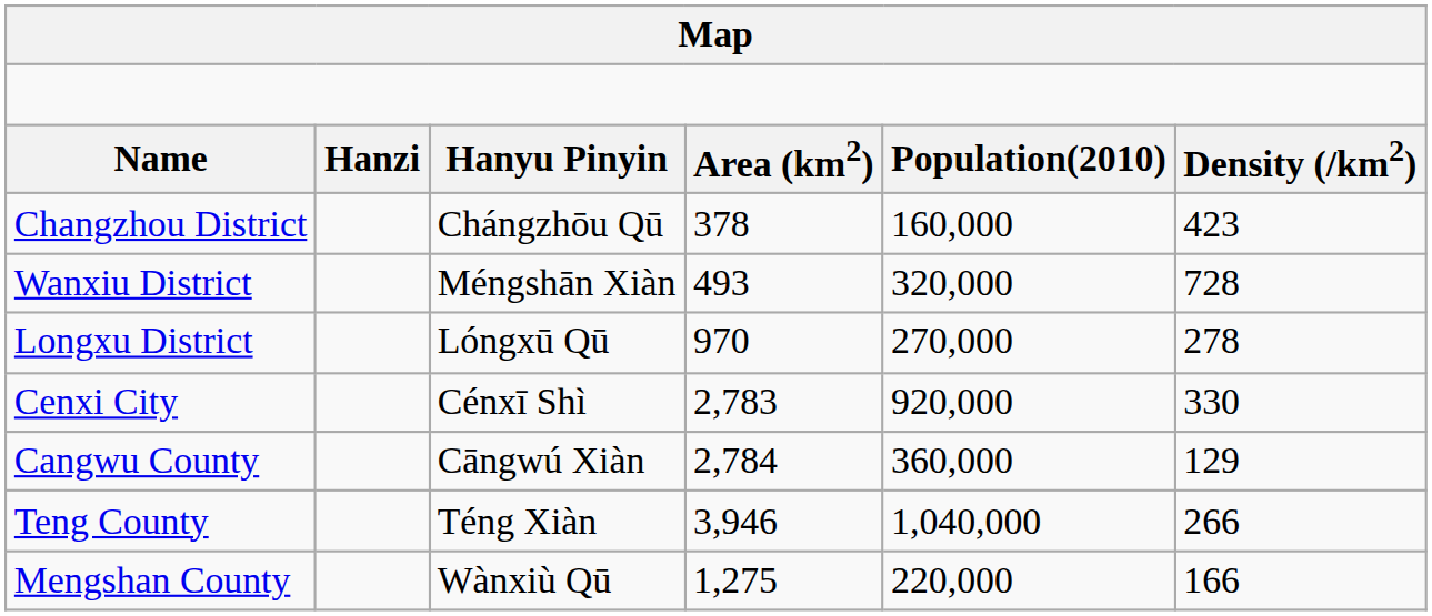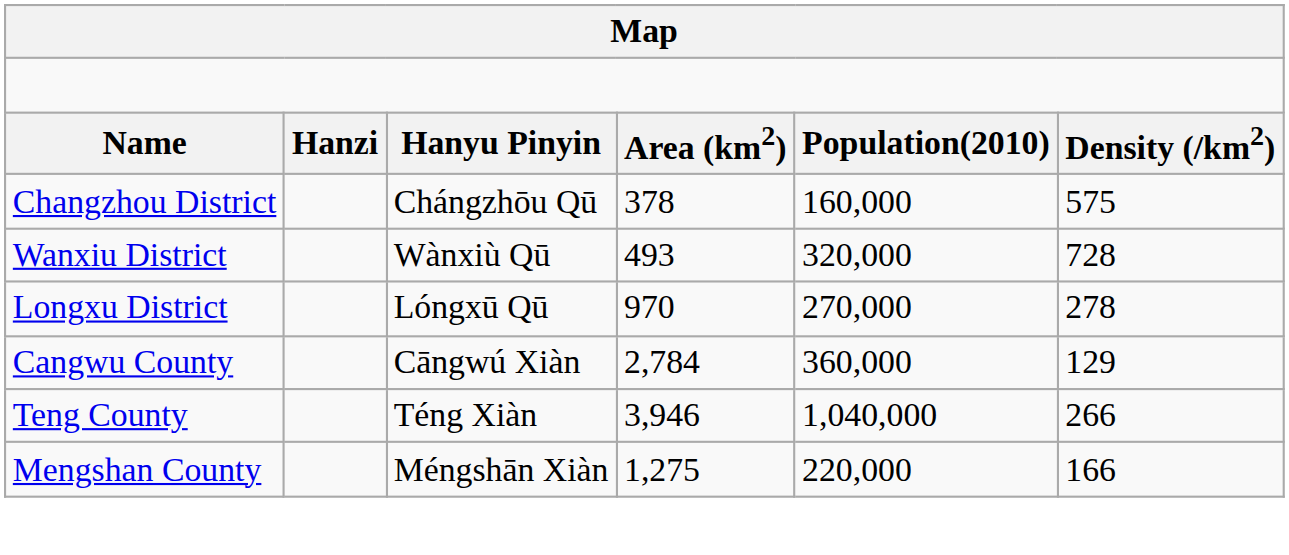 <table class="wikitable"  style="font-size:100%;" align=center>
 <tr>
 <th colspan=6>Map</th>
 </tr>
 <tr>
 <td colspan=6><div><br>          </div></td>
 </tr>
 <tr>
 <th>Name</th>
 <th>Hanzi</th>
 <th>Hanyu Pinyin</th>
 <th>Area (km<sup>2</sup>)</th>
 <th>Population(2010)</th>
 <th>Density (/km<sup>2</sup>)</th>
 </tr>
 <tr>
 <td><a href='#'>Changzhou District</a></td>
 <td></td>
 <td>Chángzhōu Qū</td>
 <td>378</td>
 <td>160,000</td>
-<td>423</td>
+<td>575</td>
 </tr>
 <tr>
 <td><a href='#'>Wanxiu District</a></td>
 <td></td>
-<td>Méngshān Xiàn</td>
+<td>Wànxiù Qū</td>
 <td>493</td>
 <td>320,000</td>
 <td>728</td>
 </tr>
 <tr>
 <td><a href='#'>Longxu District</a></td>
 <td></td>
 <td>Lóngxū Qū</td>
 <td>970</td>
 <td>270,000</td>
 <td>278</td>
-</tr>
-<tr>
-<td><a href='#'>Cenxi City</a></td>
-<td></td>
-<td>Cénxī Shì</td>
-<td>2,783</td>
-<td>920,000</td>
-<td>330</td>
 </tr>
 <tr>
 <td><a href='#'>Cangwu County</a></td>
 <td></td>
 <td>Cāngwú Xiàn</td>
 <td>2,784</td>
 <td>360,000</td>
 <td>129</td>
 </tr>
 <tr>
 <td><a href='#'>Teng County</a></td>
 <td></td>
 <td>Téng Xiàn</td>
 <td>3,946</td>
 <td>1,040,000</td>
 <td>266</td>
 </tr>
 <tr>
 <td><a href='#'>Mengshan County</a></td>
 <td></td>
-<td>Wànxiù Qū</td>
+<td>Méngshān Xiàn</td>
 <td>1,275</td>
 <td>220,000</td>
 <td>166</td>
 </tr>
 </table>
